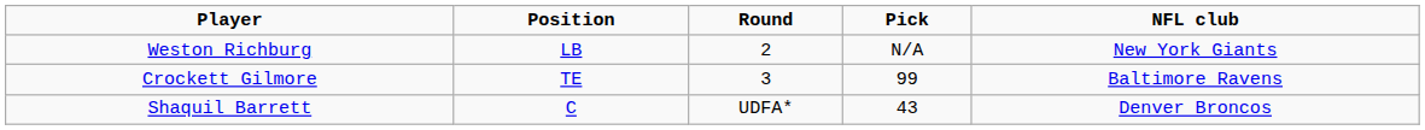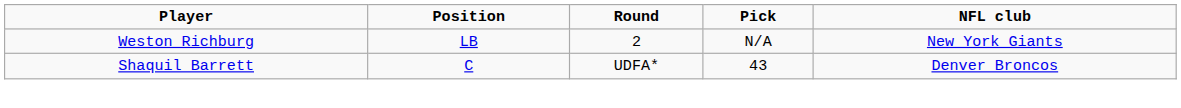 <table class="wikitable" width="80%">
 <tr align="center">
 <td><strong>Player</strong></td>
 <td><strong>Position</strong></td>
 <td><strong>Round</strong></td>
 <td><strong>Pick</strong></td>
 <td><strong>NFL club</strong></td>
 </tr>
 <tr align="center" bgcolor="">
 <td><a href='#'>Weston Richburg</a></td>
 <td><a href='#'>LB</a></td>
 <td>2</td>
 <td>N/A</td>
 <td><a href='#'>New York Giants</a></td>
 </tr>
 <tr align="center" bgcolor="">
-<td><a href='#'>Crockett Gilmore</a></td>
-<td><a href='#'>TE</a></td>
-<td>3</td>
-<td>99</td>
-<td><a href='#'>Baltimore Ravens</a></td>
-</tr>
-<tr align="center" bgcolor="">
 <td><a href='#'>Shaquil Barrett</a></td>
 <td><a href='#'>C</a></td>
 <td>UDFA*</td>
 <td>43</td>
 <td><a href='#'>Denver Broncos</a></td>
 </tr>
 </table>
